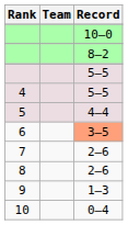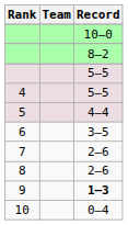 <table class="wikitable">
 <tr>
 <th>Rank</th>
 <th>Team</th>
 <th>Record</th>
 </tr>
 <tr>
 </tr>
 <tr bgcolor=#aaffaa>
 <td align=center></td>
 <td></td>
 <td align=center>10–0</td>
 </tr>
 <tr>
 </tr>
 <tr bgcolor=#aaffaa>
 <td align=center></td>
 <td></td>
 <td align=center>8–2</td>
 </tr>
 <tr>
 </tr>
 <tr bgcolor=#EBDDE2>
 <td align=center></td>
 <td></td>
 <td align=center>5–5</td>
 </tr>
 <tr bgcolor=#EBDDE2>
 <td align=center>4</td>
 <td></td>
 <td align=center>5–5</td>
 </tr>
 <tr bgcolor=#EBDDE2>
 <td align=center>5</td>
 <td></td>
 <td align=center>4–4</td>
 </tr>
 <tr>
 <td align=center>6</td>
 <td></td>
-<td align=center style="background: lightsalmon;">3–5</td>
+<td align=center>3–5</td>
 </tr>
 <tr>
 <td align=center>7</td>
 <td></td>
 <td align=center>2–6</td>
 </tr>
 <tr>
 <td align=center>8</td>
 <td></td>
 <td align=center>2–6</td>
 </tr>
 <tr>
 <td align=center>9</td>
 <td></td>
-<td align=center>1–3</td>
+<td align=center><strong>1–3</strong></td>
 </tr>
 <tr>
 <td align=center>10</td>
 <td></td>
 <td align=center>0–4</td>
 </tr>
 </table>
